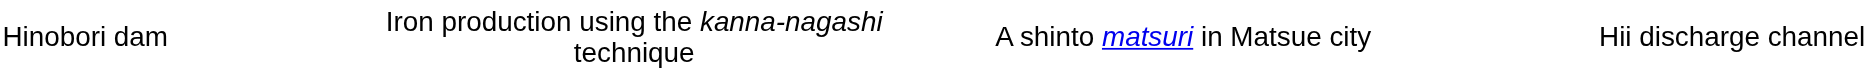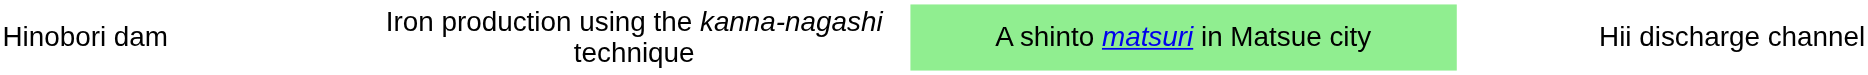 <table class="graytable" style="text-align:center">
 <tr>
 <td width="25%"></td>
 <td width="25%"></td>
 <td width="25%"></td>
 <td width="25%"></td>
 </tr>
 <tr>
 <td>Hinobori dam</td>
 <td>Iron production using the <em>kanna-nagashi</em> technique</td>
-<td>A shinto <em><a href='#'>matsuri</a></em> in Matsue city</td>
+<td style="background: lightgreen;">A shinto <em><a href='#'>matsuri</a></em> in Matsue city</td>
 <td>Hii discharge channel</td>
 </tr>
 </table>
